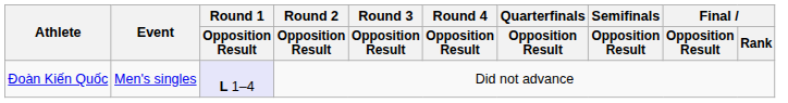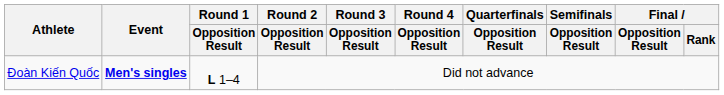 <table class="wikitable" style="font-size:90%">
 <tr>
 <th rowspan="2">Athlete</th>
 <th rowspan="2">Event</th>
 <th>Round 1</th>
 <th>Round 2</th>
 <th>Round 3</th>
 <th>Round 4</th>
 <th>Quarterfinals</th>
 <th>Semifinals</th>
 <th colspan=2>Final / </th>
 </tr>
 <tr style="font-size:95%">
 <th>Opposition<br>Result</th>
 <th>Opposition<br>Result</th>
 <th>Opposition<br>Result</th>
 <th>Opposition<br>Result</th>
 <th>Opposition<br>Result</th>
 <th>Opposition<br>Result</th>
 <th>Opposition<br>Result</th>
 <th>Rank</th>
 </tr>
 <tr align=center>
 <td align=left><a href='#'>Đoàn Kiến Quốc</a></td>
-<td align=left><a href='#'>Men's singles</a></td>
-<td style="background: lavender;"><br><strong>L</strong> 1–4</td>
+<td align=left><strong><a href='#'>Men's singles</a></strong></td>
+<td><br><strong>L</strong> 1–4</td>
 <td colspan=7>Did not advance</td>
 </tr>
 </table>
